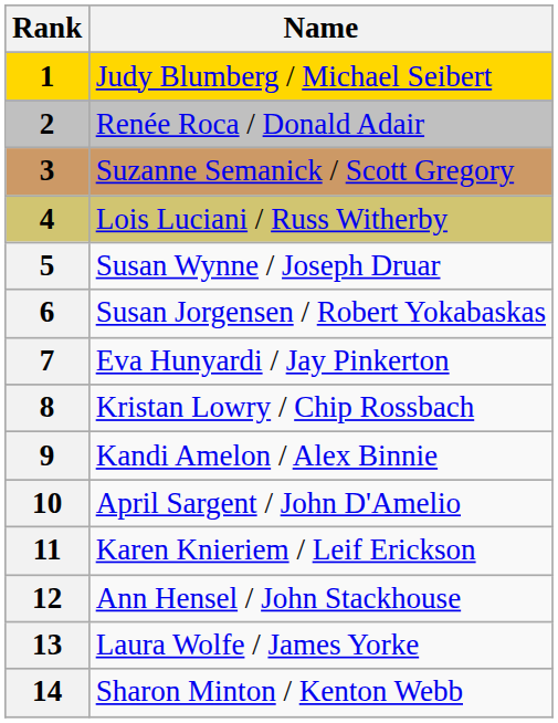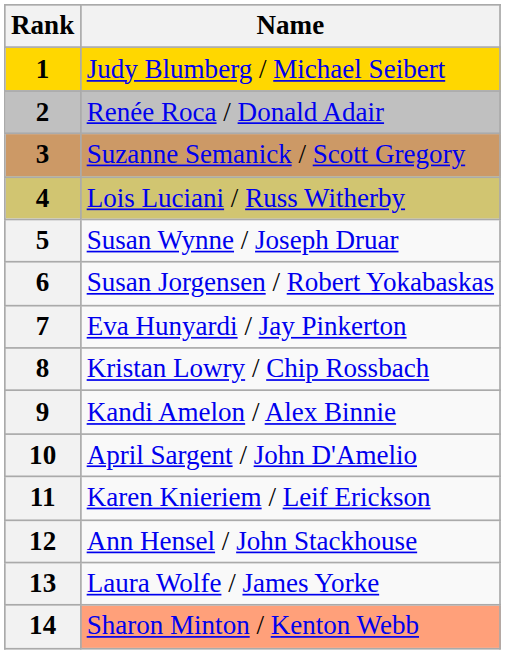 <table class="wikitable">
 <tr>
 <th>Rank</th>
 <th>Name</th>
 </tr>
 <tr bgcolor="gold">
 <td align="center"><strong>1</strong></td>
 <td><a href='#'>Judy Blumberg</a> / <a href='#'>Michael Seibert</a></td>
 </tr>
 <tr bgcolor="silver">
 <td align="center"><strong>2</strong></td>
 <td><a href='#'>Renée Roca</a> / <a href='#'>Donald Adair</a></td>
 </tr>
 <tr bgcolor="cc9966">
 <td align="center"><strong>3</strong></td>
 <td><a href='#'>Suzanne Semanick</a> / <a href='#'>Scott Gregory</a></td>
 </tr>
 <tr bgcolor="#d1c571">
 <td align="center"><strong>4</strong></td>
 <td><a href='#'>Lois Luciani</a> / <a href='#'>Russ Witherby</a></td>
 </tr>
 <tr>
 <th>5</th>
 <td><a href='#'>Susan Wynne</a> / <a href='#'>Joseph Druar</a></td>
 </tr>
 <tr>
 <th>6</th>
 <td><a href='#'>Susan Jorgensen</a> / <a href='#'>Robert Yokabaskas</a></td>
 </tr>
 <tr>
 <th>7</th>
 <td><a href='#'>Eva Hunyardi</a> / <a href='#'>Jay Pinkerton</a></td>
 </tr>
 <tr>
 <th>8</th>
 <td><a href='#'>Kristan Lowry</a> / <a href='#'>Chip Rossbach</a></td>
 </tr>
 <tr>
 <th>9</th>
 <td><a href='#'>Kandi Amelon</a> / <a href='#'>Alex Binnie</a></td>
 </tr>
 <tr>
 <th>10</th>
 <td><a href='#'>April Sargent</a> / <a href='#'>John D'Amelio</a></td>
 </tr>
 <tr>
 <th>11</th>
 <td><a href='#'>Karen Knieriem</a> / <a href='#'>Leif Erickson</a></td>
 </tr>
 <tr>
 <th>12</th>
 <td><a href='#'>Ann Hensel</a> / <a href='#'>John Stackhouse</a></td>
 </tr>
 <tr>
 <th>13</th>
 <td><a href='#'>Laura Wolfe</a> / <a href='#'>James Yorke</a></td>
 </tr>
 <tr>
 <th>14</th>
-<td><a href='#'>Sharon Minton</a> / <a href='#'>Kenton Webb</a></td>
+<td style="background: lightsalmon;"><a href='#'>Sharon Minton</a> / <a href='#'>Kenton Webb</a></td>
 </tr>
 </table>
